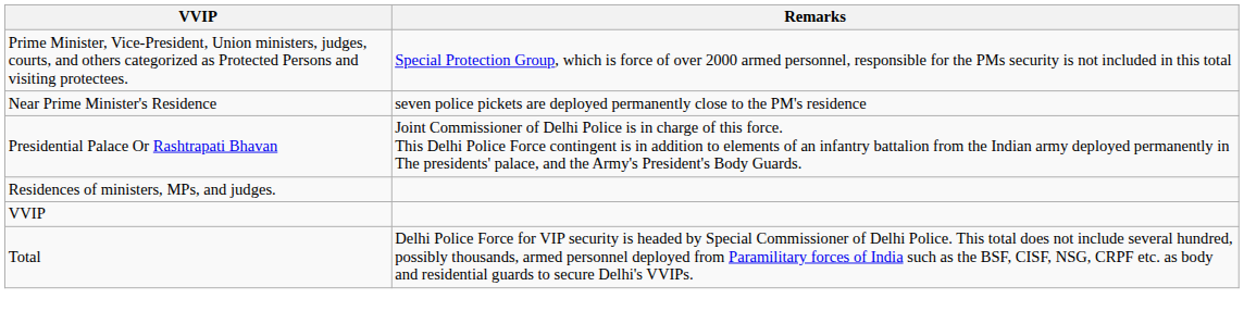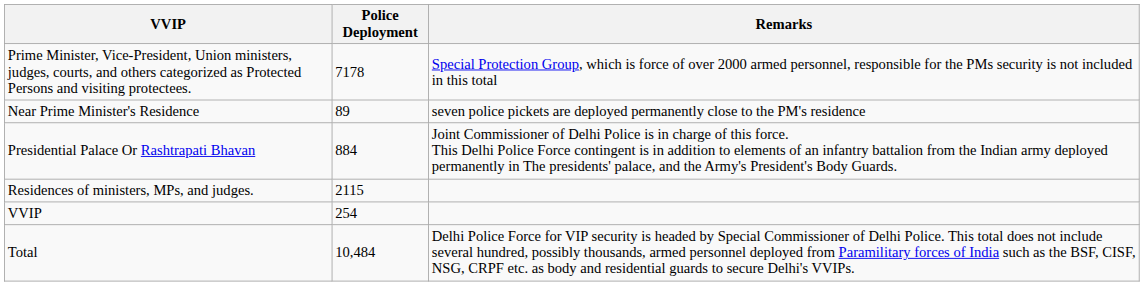 <table class="wikitable">
 <tr>
 <th>VVIP</th>
+<th>Police Deployment</th>
 <th>Remarks</th>
 </tr>
 <tr>
 <td>Prime Minister, Vice-President, Union ministers, judges, courts, and others categorized as Protected Persons and visiting protectees.</td>
+<td>7178</td>
 <td><a href='#'>Special Protection Group</a>, which is force of over 2000 armed personnel, responsible for the PMs security is not included in this total</td>
 </tr>
 <tr>
 <td>Near Prime Minister's Residence</td>
+<td>89</td>
 <td>seven police pickets are deployed permanently close to the PM's residence</td>
 </tr>
 <tr>
 <td>Presidential Palace Or <a href='#'>Rashtrapati Bhavan</a></td>
+<td>884</td>
 <td>Joint Commissioner of Delhi Police is in charge of this force.<br>This Delhi Police Force contingent is in addition to elements of an infantry battalion from the Indian army deployed permanently in The presidents' palace, and the Army's President's Body Guards.</td>
 </tr>
 <tr>
 <td>Residences of ministers, MPs, and judges.</td>
+<td>2115</td>
 <td></td>
 </tr>
 <tr>
 <td>VVIP</td>
+<td>254</td>
 <td></td>
 </tr>
 <tr>
 <td>Total</td>
+<td>10,484</td>
 <td>Delhi Police Force for VIP security is headed by Special Commissioner of Delhi Police. This total does not include several hundred, possibly thousands, armed personnel deployed from <a href='#'>Paramilitary forces of India</a> such as the BSF, CISF, NSG, CRPF etc. as body and residential guards to secure Delhi's VVIPs.</td>
 </tr>
 </table>
